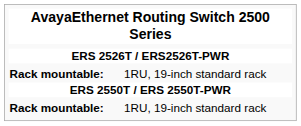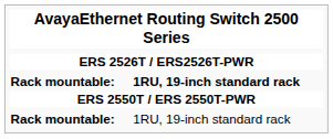 <table class="infobox" style="width: 25em; font-size: 95%;">
 <tr ! colspan="2" bgcolor="#ffffff">
 <td align="center" colspan="2" style="font-size: larger;"><strong>AvayaEthernet Routing Switch 2500 Series</strong></td>
 </tr>
 <tr>
 <td align="center" colspan="2"></td>
 </tr>
 <tr>
 <th colspan="2" bgcolor="#ffffff"><strong>ERS 2526T / ERS2526T-PWR</strong></th>
 </tr>
 <tr style="vertical-align: top;">
 </tr>
 <tr>
 <td><strong>Rack mountable:</strong></td>
-<td>1RU, 19-inch standard rack</td>
+<td><strong>1RU, 19-inch standard rack</strong></td>
 </tr>
 <tr>
 <th colspan="2" bgcolor="#ffffff"><strong>ERS 2550T / ERS 2550T-PWR</strong></th>
 </tr>
 <tr style="vertical-align: top;">
 </tr>
 <tr>
 <td><strong>Rack mountable:</strong></td>
 <td>1RU, 19-inch standard rack</td>
 </tr>
 <tr>
 </tr>
 </table>
